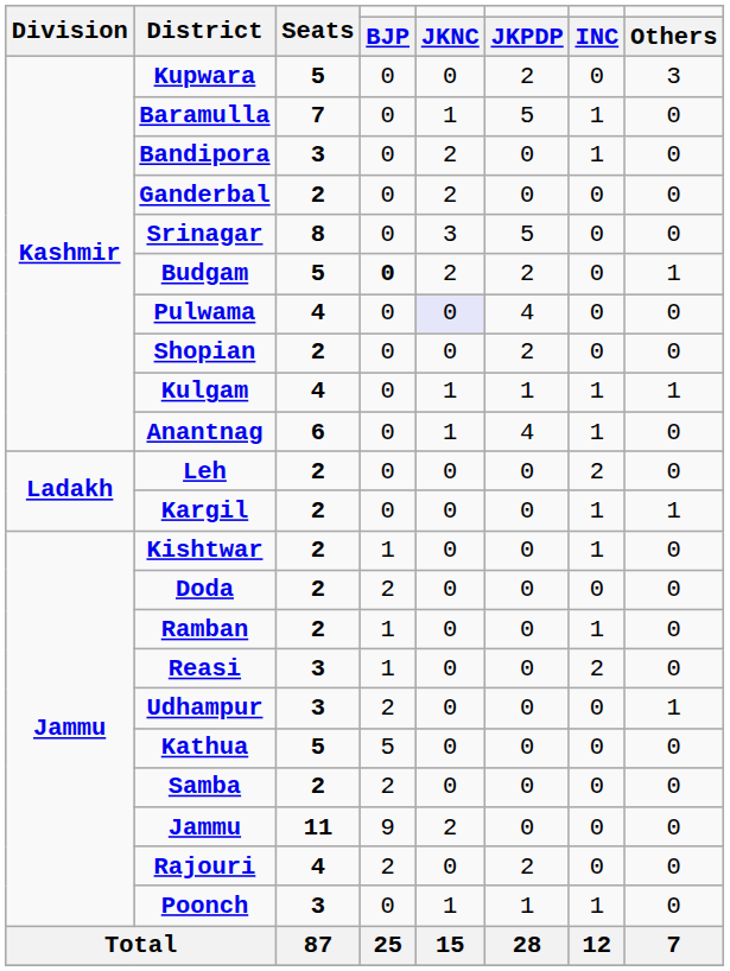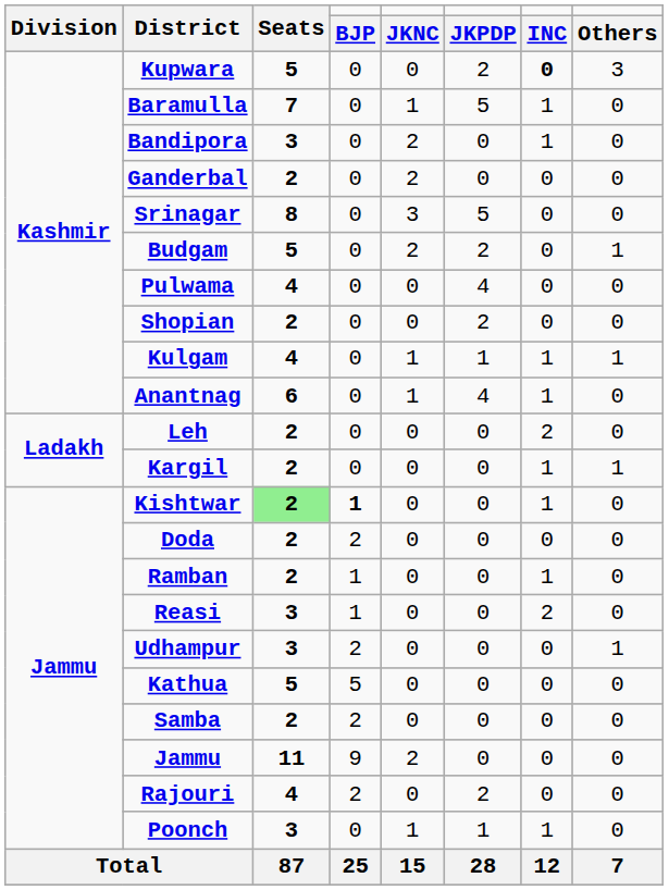 <table class="wikitable sortable" style="text-align:center;">
 <tr>
 <th rowspan="2">Division</th>
 <th rowspan="2">District</th>
 <th rowspan="2">Seats</th>
 <td></td>
 <td></td>
 <td></td>
 <td></td>
 <td></td>
 </tr>
 <tr>
 <th><a href='#'>BJP</a></th>
 <th><a href='#'>JKNC</a></th>
 <th><a href='#'>JKPDP</a></th>
 <th><a href='#'>INC</a></th>
 <th>Others</th>
 </tr>
 <tr>
 <td rowspan="10"><strong><a href='#'>Kashmir</a></strong></td>
 <td><strong><a href='#'>Kupwara</a></strong></td>
 <td><strong>5</strong></td>
 <td>0</td>
 <td>0</td>
 <td>2</td>
-<td>0</td>
+<td><strong>0</strong></td>
 <td style="background:">3</td>
 </tr>
 <tr>
 <td><strong><a href='#'>Baramulla</a></strong></td>
 <td><strong>7</strong></td>
 <td>0</td>
 <td>1</td>
 <td style="background:">5</td>
 <td>1</td>
 <td>0</td>
 </tr>
 <tr>
 <td><strong><a href='#'>Bandipora</a></strong></td>
 <td><strong>3</strong></td>
 <td>0</td>
 <td style="background:">2</td>
 <td>0</td>
 <td>1</td>
 <td>0</td>
 </tr>
 <tr>
 <td><strong><a href='#'>Ganderbal</a></strong></td>
 <td><strong>2</strong></td>
 <td>0</td>
 <td style="background:">2</td>
 <td>0</td>
 <td>0</td>
 <td>0</td>
 </tr>
 <tr>
 <td><strong><a href='#'>Srinagar</a></strong></td>
 <td><strong>8</strong></td>
 <td>0</td>
 <td>3</td>
 <td style="background:">5</td>
 <td>0</td>
 <td>0</td>
 </tr>
 <tr>
 <td><strong><a href='#'>Budgam</a></strong></td>
 <td><strong>5</strong></td>
-<td><strong>0</strong></td>
+<td>0</td>
 <td>2</td>
 <td>2</td>
 <td>0</td>
 <td>1</td>
 </tr>
 <tr>
 <td><strong><a href='#'>Pulwama</a></strong></td>
 <td><strong>4</strong></td>
 <td>0</td>
-<td style="background: lavender;">0</td>
+<td>0</td>
 <td style="background:">4</td>
 <td>0</td>
 <td>0</td>
 </tr>
 <tr>
 <td><strong><a href='#'>Shopian</a></strong></td>
 <td><strong>2</strong></td>
 <td>0</td>
 <td>0</td>
 <td style="background:">2</td>
 <td>0</td>
 <td>0</td>
 </tr>
 <tr>
 <td><strong><a href='#'>Kulgam</a></strong></td>
 <td><strong>4</strong></td>
 <td>0</td>
 <td>1</td>
 <td>1</td>
 <td>1</td>
 <td>1</td>
 </tr>
 <tr>
 <td><strong><a href='#'>Anantnag</a></strong></td>
 <td><strong>6</strong></td>
 <td>0</td>
 <td>1</td>
 <td style="background:">4</td>
 <td>1</td>
 <td>0</td>
 </tr>
 <tr>
 <td rowspan="2"><strong><a href='#'>Ladakh</a></strong></td>
 <td><strong><a href='#'>Leh</a></strong></td>
 <td><strong>2</strong></td>
 <td>0</td>
 <td>0</td>
 <td>0</td>
 <td style="background:">2</td>
 <td>0</td>
 </tr>
 <tr>
 <td><strong><a href='#'>Kargil</a></strong></td>
 <td><strong>2</strong></td>
 <td>0</td>
 <td>0</td>
 <td>0</td>
 <td>1</td>
 <td>1</td>
 </tr>
 <tr>
 <td rowspan="10"><strong><a href='#'>Jammu</a></strong></td>
 <td><strong><a href='#'>Kishtwar</a></strong></td>
-<td><strong>2</strong></td>
-<td>1</td>
+<td style="background: lightgreen;"><strong>2</strong></td>
+<td><strong>1</strong></td>
 <td>0</td>
 <td>0</td>
 <td>1</td>
 <td>0</td>
 </tr>
 <tr>
 <td><strong><a href='#'>Doda</a></strong></td>
 <td><strong>2</strong></td>
 <td style="background:">2</td>
 <td>0</td>
 <td>0</td>
 <td>0</td>
 <td>0</td>
 </tr>
 <tr>
 <td><strong><a href='#'>Ramban</a></strong></td>
 <td><strong>2</strong></td>
 <td>1</td>
 <td>0</td>
 <td>0</td>
 <td>1</td>
 <td>0</td>
 </tr>
 <tr>
 <td><strong><a href='#'>Reasi</a></strong></td>
 <td><strong>3</strong></td>
 <td>1</td>
 <td>0</td>
 <td>0</td>
 <td style="background:">2</td>
 <td>0</td>
 </tr>
 <tr>
 <td><strong><a href='#'>Udhampur</a></strong></td>
 <td><strong>3</strong></td>
 <td style="background:">2</td>
 <td>0</td>
 <td>0</td>
 <td>0</td>
 <td>1</td>
 </tr>
 <tr>
 <td><strong><a href='#'>Kathua</a></strong></td>
 <td><strong>5</strong></td>
 <td style="background:">5</td>
 <td>0</td>
 <td>0</td>
 <td>0</td>
 <td>0</td>
 </tr>
 <tr>
 <td><strong><a href='#'>Samba</a></strong></td>
 <td><strong>2</strong></td>
 <td style="background:">2</td>
 <td>0</td>
 <td>0</td>
 <td>0</td>
 <td>0</td>
 </tr>
 <tr>
 <td><strong><a href='#'>Jammu</a></strong></td>
 <td><strong>11</strong></td>
 <td style="background:">9</td>
 <td>2</td>
 <td>0</td>
 <td>0</td>
 <td>0</td>
 </tr>
 <tr>
 <td><strong><a href='#'>Rajouri</a></strong></td>
 <td><strong>4</strong></td>
 <td>2</td>
 <td>0</td>
 <td>2</td>
 <td>0</td>
 <td>0</td>
 </tr>
 <tr>
 <td><strong><a href='#'>Poonch</a></strong></td>
 <td><strong>3</strong></td>
 <td>0</td>
 <td>1</td>
 <td>1</td>
 <td>1</td>
 <td>0</td>
 </tr>
 <tr>
 <th colspan="2">Total</th>
 <th>87</th>
 <th>25</th>
 <th>15</th>
 <th>28</th>
 <th>12</th>
 <th>7</th>
 </tr>
 <tr>
 </tr>
 </table>
